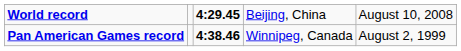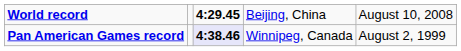 <table class="wikitable">
 <tr>
 <td><strong><a href='#'>World record</a></strong></td>
 <td></td>
 <td><strong>4:29.45</strong></td>
 <td><a href='#'>Beijing</a>, China</td>
 <td>August 10, 2008</td>
 </tr>
 <tr>
 <td><strong><a href='#'>Pan American Games record</a></strong></td>
 <td></td>
-<td><strong>4:38.46</strong></td>
+<td style="background: lavender;"><strong>4:38.46</strong></td>
 <td><a href='#'>Winnipeg</a>, Canada</td>
 <td>August 2, 1999</td>
 </tr>
 </table>
